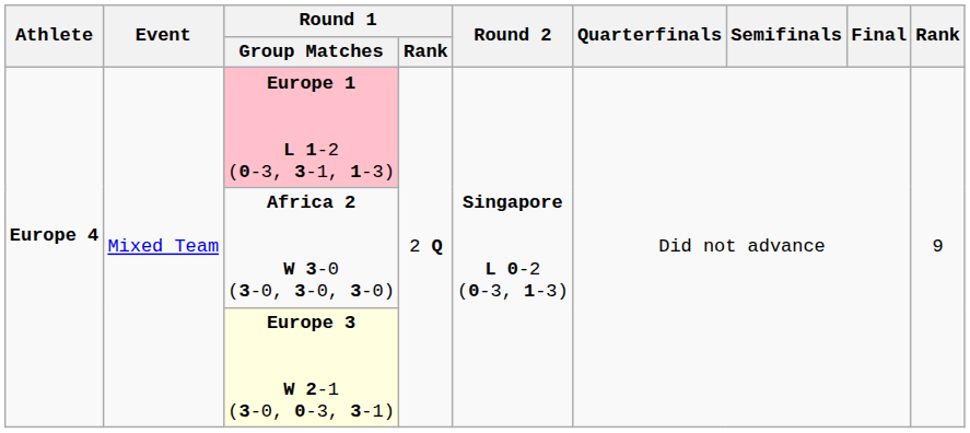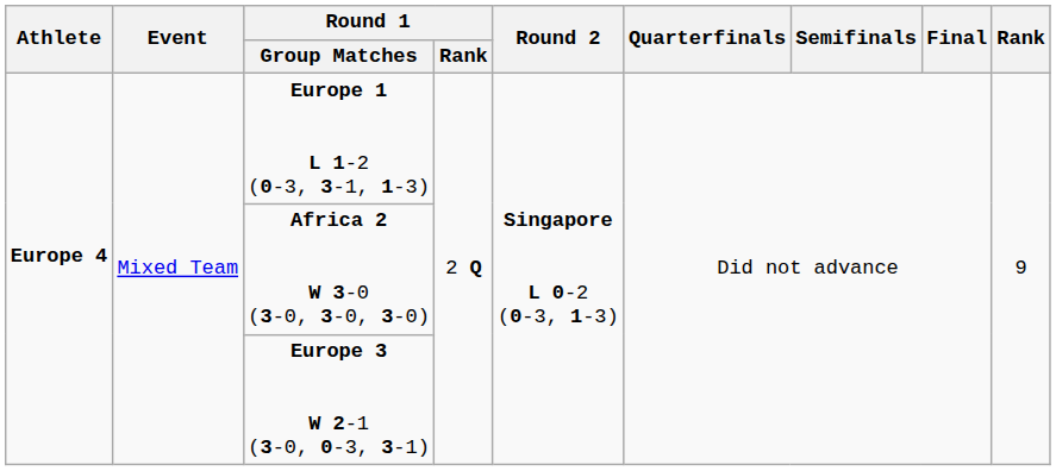 <table class="wikitable" border="1" style="font-size:90%">
 <tr>
 <th rowspan=2>Athlete</th>
 <th rowspan=2>Event</th>
 <th colspan=2>Round 1</th>
 <th rowspan=2>Round 2</th>
 <th rowspan=2>Quarterfinals</th>
 <th rowspan=2>Semifinals</th>
 <th rowspan=2>Final</th>
 <th rowspan=2>Rank</th>
 </tr>
 <tr>
 <th>Group Matches</th>
 <th>Rank</th>
 </tr>
 <tr>
 <td rowspan=3><strong>Europe 4</strong><br><br></td>
 <td rowspan=3><a href='#'>Mixed Team</a></td>
-<td align=center style="background: pink;"><strong>Europe 1</strong><br><br><br> <strong>L</strong> <strong>1</strong>-2 <br> (<strong>0</strong>-3, <strong>3</strong>-1, <strong>1</strong>-3)</td>
+<td align=center><strong>Europe 1</strong><br><br><br> <strong>L</strong> <strong>1</strong>-2 <br> (<strong>0</strong>-3, <strong>3</strong>-1, <strong>1</strong>-3)</td>
 <td rowspan=3 align=center>2 <strong>Q</strong></td>
 <td align=center rowspan=3><strong>Singapore</strong><br><br><br> <strong>L</strong> <strong>0</strong>-2 <br> (<strong>0</strong>-3, <strong>1</strong>-3)</td>
 <td rowspan=3 colspan=3 align=center>Did not advance</td>
 <td rowspan=3 align=center>9</td>
 </tr>
 <tr>
 <td align=center><strong>Africa 2</strong><br><br><br> <strong>W</strong> <strong>3</strong>-0 <br> (<strong>3</strong>-0, <strong>3</strong>-0, <strong>3</strong>-0)</td>
 </tr>
 <tr>
-<td align=center style="background: lightyellow;"><strong>Europe 3</strong><br><br><br> <strong>W</strong> <strong>2</strong>-1 <br> (<strong>3</strong>-0, <strong>0</strong>-3, <strong>3</strong>-1)</td>
+<td align=center><strong>Europe 3</strong><br><br><br> <strong>W</strong> <strong>2</strong>-1 <br> (<strong>3</strong>-0, <strong>0</strong>-3, <strong>3</strong>-1)</td>
 </tr>
 </table>
